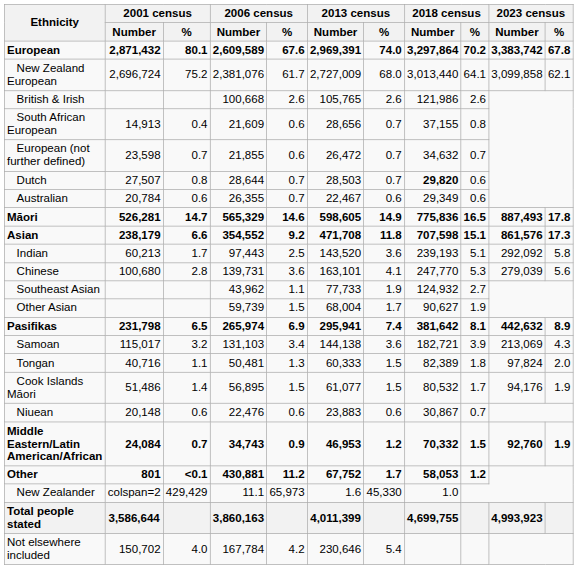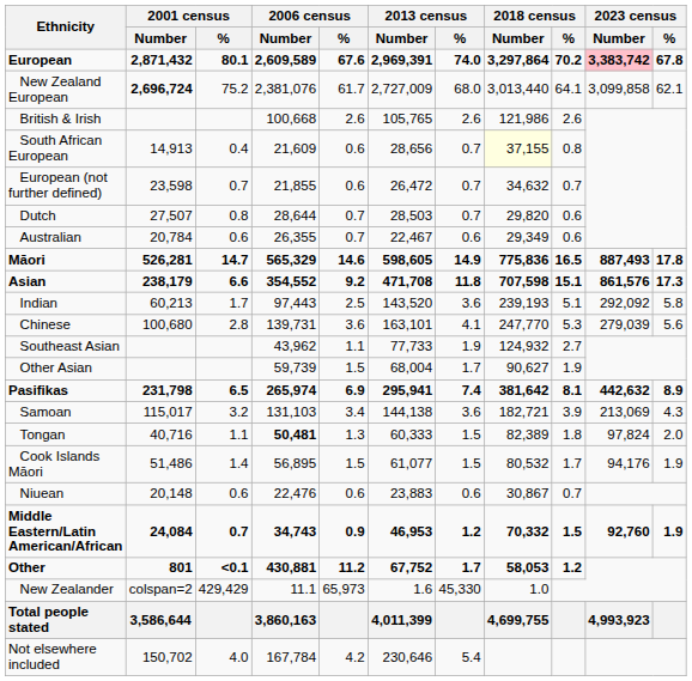 <table class="wikitable sortable mw-collapsible" style="text-align:right;">
 <tr>
 <th rowspan="2">Ethnicity</th>
 <th colspan="2">2001 census</th>
 <th colspan="2">2006 census</th>
 <th colspan="2">2013 census</th>
 <th colspan="2">2018 census</th>
 <th colspan="2">2023 census</th>
 </tr>
 <tr>
 <th>Number</th>
 <th>%</th>
 <th>Number</th>
 <th>%</th>
 <th>Number</th>
 <th>%</th>
 <th>Number</th>
 <th>%</th>
 <th>Number</th>
 <th>%</th>
 </tr>
 <tr>
 <td style="text-align:left;"><strong>European</strong></td>
 <td><strong>2,871,432</strong></td>
 <td><strong>80.1</strong></td>
 <td><strong>2,609,589</strong></td>
 <td><strong>67.6</strong></td>
 <td><strong>2,969,391</strong></td>
 <td><strong>74.0</strong></td>
 <td><strong>3,297,864</strong></td>
 <td><strong>70.2</strong></td>
-<td><strong>3,383,742</strong></td>
+<td style="background: pink;"><strong>3,383,742</strong></td>
 <td><strong>67.8</strong></td>
 </tr>
 <tr>
 <td style="text-align:left;">   New Zealand European</td>
-<td>2,696,724</td>
+<td><strong>2,696,724</strong></td>
 <td>75.2</td>
 <td>2,381,076</td>
 <td>61.7</td>
 <td>2,727,009</td>
 <td>68.0</td>
 <td>3,013,440</td>
 <td>64.1</td>
 <td>3,099,858</td>
 <td>62.1</td>
 </tr>
 <tr>
 <td style="text-align:left;">   British & Irish</td>
 <td></td>
 <td></td>
 <td>100,668</td>
 <td>2.6</td>
 <td>105,765</td>
 <td>2.6</td>
 <td>121,986</td>
 <td>2.6</td>
 </tr>
 <tr>
 <td style="text-align:left;">   South African European</td>
 <td>14,913</td>
 <td>0.4</td>
 <td>21,609</td>
 <td>0.6</td>
 <td>28,656</td>
 <td>0.7</td>
-<td>37,155</td>
+<td style="background: lightyellow;">37,155</td>
 <td>0.8</td>
 </tr>
 <tr>
 <td style="text-align:left;">   European (not further defined)</td>
 <td>23,598</td>
 <td>0.7</td>
 <td>21,855</td>
 <td>0.6</td>
 <td>26,472</td>
 <td>0.7</td>
 <td>34,632</td>
 <td>0.7</td>
 </tr>
 <tr>
 <td style="text-align:left;">   Dutch</td>
 <td>27,507</td>
 <td>0.8</td>
 <td>28,644</td>
 <td>0.7</td>
 <td>28,503</td>
 <td>0.7</td>
-<td><strong>29,820</strong></td>
+<td>29,820</td>
 <td>0.6</td>
 </tr>
 <tr>
 <td style="text-align:left;">   Australian</td>
 <td>20,784</td>
 <td>0.6</td>
 <td>26,355</td>
 <td>0.7</td>
 <td>22,467</td>
 <td>0.6</td>
 <td>29,349</td>
 <td>0.6</td>
 </tr>
 <tr>
 <td style="text-align:left;"><strong>Māori</strong></td>
 <td><strong>526,281</strong></td>
 <td><strong>14.7</strong></td>
 <td><strong>565,329</strong></td>
 <td><strong>14.6</strong></td>
 <td><strong>598,605</strong></td>
 <td><strong>14.9</strong></td>
 <td><strong>775,836</strong></td>
 <td><strong>16.5</strong></td>
 <td><strong>887,493</strong></td>
 <td><strong>17.8</strong></td>
 </tr>
 <tr>
 <td style="text-align:left;"><strong>Asian</strong></td>
 <td><strong>238,179</strong></td>
 <td><strong>6.6</strong></td>
 <td><strong>354,552</strong></td>
 <td><strong>9.2</strong></td>
 <td><strong>471,708</strong></td>
 <td><strong>11.8</strong></td>
 <td><strong>707,598</strong></td>
 <td><strong>15.1</strong></td>
 <td><strong>861,576</strong></td>
 <td><strong>17.3</strong></td>
 </tr>
 <tr>
 <td style="text-align:left;">   Indian</td>
 <td>60,213</td>
 <td>1.7</td>
 <td>97,443</td>
 <td>2.5</td>
 <td>143,520</td>
 <td>3.6</td>
 <td>239,193</td>
 <td>5.1</td>
 <td>292,092</td>
 <td>5.8</td>
 </tr>
 <tr>
 <td style="text-align:left;">   Chinese</td>
 <td>100,680</td>
 <td>2.8</td>
 <td>139,731</td>
 <td>3.6</td>
 <td>163,101</td>
 <td>4.1</td>
 <td>247,770</td>
 <td>5.3</td>
 <td>279,039</td>
 <td>5.6</td>
 </tr>
 <tr>
 <td style="text-align:left;">   Southeast Asian</td>
 <td></td>
 <td></td>
 <td>43,962</td>
 <td>1.1</td>
 <td>77,733</td>
 <td>1.9</td>
 <td>124,932</td>
 <td>2.7</td>
 </tr>
 <tr>
 <td style="text-align:left;">   Other Asian</td>
 <td></td>
 <td></td>
 <td>59,739</td>
 <td>1.5</td>
 <td>68,004</td>
 <td>1.7</td>
 <td>90,627</td>
 <td>1.9</td>
 </tr>
 <tr>
 <td style="text-align:left;"><strong>Pasifikas</strong></td>
 <td><strong>231,798</strong></td>
 <td><strong>6.5</strong></td>
 <td><strong>265,974</strong></td>
 <td><strong>6.9</strong></td>
 <td><strong>295,941</strong></td>
 <td><strong>7.4</strong></td>
 <td><strong>381,642</strong></td>
 <td><strong>8.1</strong></td>
 <td><strong>442,632</strong></td>
 <td><strong>8.9</strong></td>
 </tr>
 <tr>
 <td style="text-align:left;">   Samoan</td>
 <td>115,017</td>
 <td>3.2</td>
 <td>131,103</td>
 <td>3.4</td>
 <td>144,138</td>
 <td>3.6</td>
 <td>182,721</td>
 <td>3.9</td>
 <td>213,069</td>
 <td>4.3</td>
 </tr>
 <tr>
 <td style="text-align:left;">   Tongan</td>
 <td>40,716</td>
 <td>1.1</td>
-<td>50,481</td>
+<td><strong>50,481</strong></td>
 <td>1.3</td>
 <td>60,333</td>
 <td>1.5</td>
 <td>82,389</td>
 <td>1.8</td>
 <td>97,824</td>
 <td>2.0</td>
 </tr>
 <tr>
 <td style="text-align:left;">   Cook Islands Māori</td>
 <td>51,486</td>
 <td>1.4</td>
 <td>56,895</td>
 <td>1.5</td>
 <td>61,077</td>
 <td>1.5</td>
 <td>80,532</td>
 <td>1.7</td>
 <td>94,176</td>
 <td>1.9</td>
 </tr>
 <tr>
 <td style="text-align:left;">   Niuean</td>
 <td>20,148</td>
 <td>0.6</td>
 <td>22,476</td>
 <td>0.6</td>
 <td>23,883</td>
 <td>0.6</td>
 <td>30,867</td>
 <td>0.7</td>
 </tr>
 <tr>
 <td style="text-align:left;"><strong>Middle Eastern/Latin American/African</strong></td>
 <td><strong>24,084</strong></td>
 <td><strong>0.7</strong></td>
 <td><strong>34,743</strong></td>
 <td><strong>0.9</strong></td>
 <td><strong>46,953</strong></td>
 <td><strong>1.2</strong></td>
 <td><strong>70,332</strong></td>
 <td><strong>1.5</strong></td>
 <td><strong>92,760</strong></td>
 <td><strong>1.9</strong></td>
 </tr>
 <tr>
 <td style="text-align:left;"><strong>Other</strong></td>
 <td><strong>801</strong></td>
 <td><strong><0.1</strong></td>
 <td><strong>430,881</strong></td>
 <td><strong>11.2</strong></td>
 <td><strong>67,752</strong></td>
 <td><strong>1.7</strong></td>
 <td><strong>58,053</strong></td>
 <td><strong>1.2</strong></td>
 </tr>
 <tr>
 <td style="text-align:left;">   New Zealander</td>
 <td>colspan=2 </td>
 <td>429,429</td>
 <td>11.1</td>
 <td>65,973</td>
 <td>1.6</td>
 <td>45,330</td>
 <td>1.0</td>
 </tr>
 <tr>
 <th style="text-align:left;">Total people stated</th>
 <th>3,586,644</th>
 <th></th>
 <th>3,860,163</th>
 <th></th>
 <th>4,011,399</th>
 <th></th>
 <th>4,699,755</th>
 <th></th>
 <th>4,993,923</th>
 <th></th>
 </tr>
 <tr>
 <td style="text-align:left;">Not elsewhere included</td>
 <td>150,702</td>
 <td>4.0</td>
 <td>167,784</td>
 <td>4.2</td>
 <td>230,646</td>
 <td>5.4</td>
 <td></td>
 <td></td>
 </tr>
 </table>
